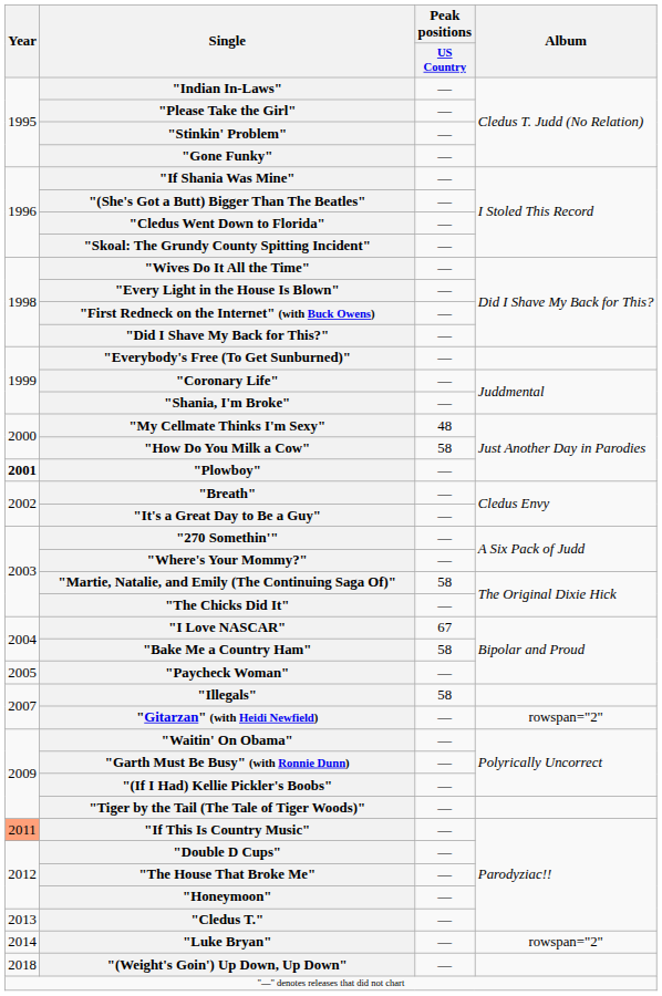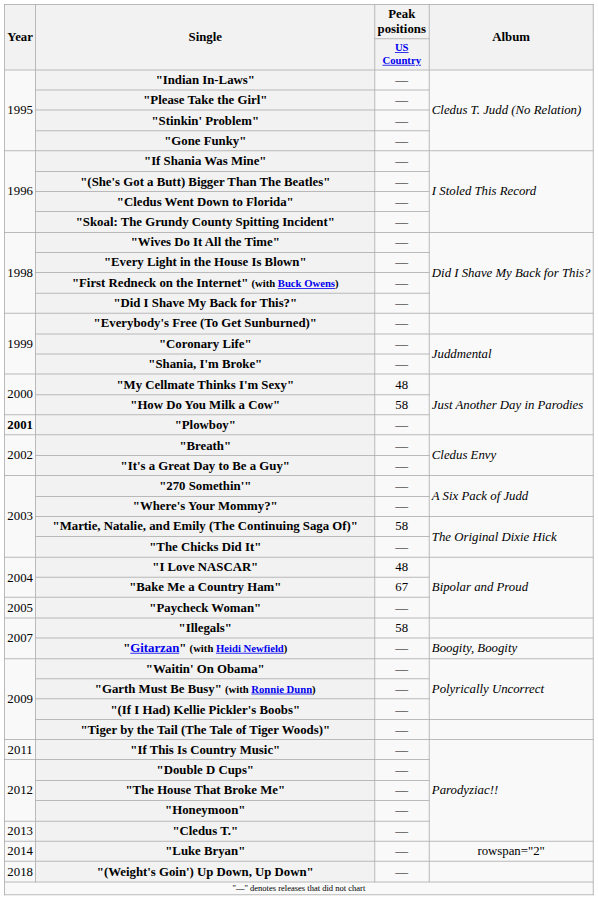 <table class="wikitable plainrowheaders" style="text-align:center;">
 <tr>
 <th rowspan="2">Year</th>
 <th rowspan="2" style="width:26em;">Single</th>
 <th colspan="1">Peak positions</th>
 <th rowspan="2">Album</th>
 </tr>
 <tr style="font-size:smaller;">
 <th width="60"><a href='#'>US Country</a><br></th>
 </tr>
 <tr>
 <td rowspan="4">1995</td>
 <th scope="row">"Indian In-Laws"</th>
 <td>—</td>
 <td align="left" rowspan="4"><em>Cledus T. Judd (No Relation)</em></td>
 </tr>
 <tr>
 <th scope="row">"Please Take the Girl"</th>
 <td>—</td>
 </tr>
 <tr>
 <th scope="row">"Stinkin' Problem"</th>
 <td>—</td>
 </tr>
 <tr>
 <th scope="row">"Gone Funky"</th>
 <td>—</td>
 </tr>
 <tr>
 <td rowspan="4">1996</td>
 <th scope="row">"If Shania Was Mine"</th>
 <td>—</td>
 <td align="left" rowspan="4"><em>I Stoled This Record</em></td>
 </tr>
 <tr>
 <th scope="row">"(She's Got a Butt) Bigger Than The Beatles"</th>
 <td>—</td>
 </tr>
 <tr>
 <th scope="row">"Cledus Went Down to Florida"</th>
 <td>—</td>
 </tr>
 <tr>
 <th scope="row">"Skoal: The Grundy County Spitting Incident"</th>
 <td>—</td>
 </tr>
 <tr>
 <td rowspan="4">1998</td>
 <th scope="row">"Wives Do It All the Time"</th>
 <td>—</td>
 <td align="left" rowspan="4"><em>Did I Shave My Back for This?</em></td>
 </tr>
 <tr>
 <th scope="row">"Every Light in the House Is Blown"</th>
 <td>—</td>
 </tr>
 <tr>
 <th scope="row">"First Redneck on the Internet" <small>(with <a href='#'>Buck Owens</a>)</small></th>
 <td>—</td>
 </tr>
 <tr>
 <th scope="row">"Did I Shave My Back for This?"</th>
 <td>—</td>
 </tr>
 <tr>
 <td rowspan="3">1999</td>
 <th scope="row">"Everybody's Free (To Get Sunburned)"</th>
 <td>—</td>
 <td></td>
 </tr>
 <tr>
 <th scope="row">"Coronary Life"</th>
 <td>—</td>
 <td align="left" rowspan="2"><em>Juddmental</em></td>
 </tr>
 <tr>
 <th scope="row">"Shania, I'm Broke"</th>
 <td>—</td>
 </tr>
 <tr>
 <td rowspan="2">2000</td>
 <th scope="row">"My Cellmate Thinks I'm Sexy"</th>
 <td>48</td>
 <td align="left" rowspan="3"><em>Just Another Day in Parodies</em></td>
 </tr>
 <tr>
 <th scope="row">"How Do You Milk a Cow"</th>
 <td>58</td>
 </tr>
 <tr>
 <td><strong>2001</strong></td>
 <th scope="row">"Plowboy"</th>
 <td>—</td>
 </tr>
 <tr>
 <td rowspan="2">2002</td>
 <th scope="row">"Breath"</th>
 <td>—</td>
 <td align="left" rowspan="2"><em>Cledus Envy</em></td>
 </tr>
 <tr>
 <th scope="row">"It's a Great Day to Be a Guy"</th>
 <td>—</td>
 </tr>
 <tr>
 <td rowspan="4">2003</td>
 <th scope="row">"270 Somethin'"</th>
 <td>—</td>
 <td align="left" rowspan="2"><em>A Six Pack of Judd</em></td>
 </tr>
 <tr>
 <th scope="row">"Where's Your Mommy?"</th>
 <td>—</td>
 </tr>
 <tr>
 <th scope="row">"Martie, Natalie, and Emily (The Continuing Saga Of)"</th>
 <td>58</td>
 <td align="left" rowspan="2"><em>The Original Dixie Hick</em></td>
 </tr>
 <tr>
 <th scope="row">"The Chicks Did It"</th>
 <td>—</td>
 </tr>
 <tr>
 <td rowspan="2">2004</td>
 <th scope="row">"I Love NASCAR" </th>
-<td>67</td>
+<td>48</td>
 <td align="left" rowspan="3"><em>Bipolar and Proud</em></td>
 </tr>
 <tr>
 <th scope="row">"Bake Me a Country Ham"</th>
-<td>58</td>
+<td>67</td>
 </tr>
 <tr>
 <td>2005</td>
 <th scope="row">"Paycheck Woman"</th>
 <td>—</td>
 </tr>
 <tr>
 <td rowspan="2">2007</td>
 <th scope="row">"Illegals"</th>
 <td>58</td>
 <td></td>
 </tr>
 <tr>
 <th scope="row">"<a href='#'>Gitarzan</a>" <small>(with <a href='#'>Heidi Newfield</a>)</small></th>
 <td>—</td>
-<td>rowspan="2" </td>
+<td align="left"><em>Boogity, Boogity</em></td>
 </tr>
 <tr>
 <td rowspan="4">2009</td>
 <th scope="row">"Waitin' On Obama"</th>
 <td>—</td>
 <td align="left" rowspan="3"><em>Polyrically Uncorrect</em></td>
 </tr>
 <tr>
 <th scope="row">"Garth Must Be Busy" <small>(with <a href='#'>Ronnie Dunn</a>)</small></th>
 <td>—</td>
 </tr>
 <tr>
 <th scope="row">"(If I Had) Kellie Pickler's Boobs"</th>
 <td>—</td>
 </tr>
 <tr>
 <th scope="row">"Tiger by the Tail (The Tale of Tiger Woods)"</th>
 <td>—</td>
 <td></td>
 </tr>
 <tr>
-<td style="background: lightsalmon;">2011</td>
+<td>2011</td>
 <th scope="row">"If This Is Country Music"</th>
 <td>—</td>
 <td rowspan="5" align="left"><em>Parodyziac!&excl;</em></td>
 </tr>
 <tr>
 <td rowspan="3">2012</td>
 <th scope="row">"Double D Cups"</th>
 <td>—</td>
 </tr>
 <tr>
 <th scope="row">"The House That Broke Me"</th>
 <td>—</td>
 </tr>
 <tr>
 <th scope="row">"Honeymoon"</th>
 <td>—</td>
 </tr>
 <tr>
 <td>2013</td>
 <th scope="row">"Cledus T."</th>
 <td>—</td>
 </tr>
 <tr>
 <td>2014</td>
 <th scope="row">"Luke Bryan" </th>
 <td>—</td>
 <td>rowspan="2" </td>
 </tr>
 <tr>
 <td>2018</td>
 <th scope="row">"(Weight's Goin') Up Down, Up Down"</th>
 <td>—</td>
 </tr>
 <tr>
 <td colspan="4" style="font-size:8pt">"—" denotes releases that did not chart</td>
 </tr>
 </table>
